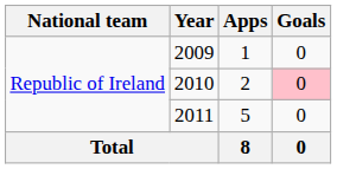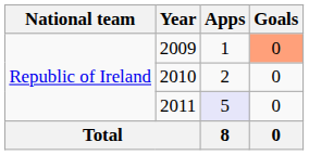 <table class=wikitable style="text-align: center;">
 <tr>
 <th>National team</th>
 <th>Year</th>
 <th>Apps</th>
 <th>Goals</th>
 </tr>
 <tr>
 <td rowspan=3><a href='#'>Republic of Ireland</a></td>
 <td>2009</td>
 <td>1</td>
-<td>0</td>
+<td style="background: lightsalmon;">0</td>
 </tr>
 <tr>
 <td>2010</td>
 <td>2</td>
-<td style="background: pink;">0</td>
+<td>0</td>
 </tr>
 <tr>
 <td>2011</td>
-<td>5</td>
+<td style="background: lavender;">5</td>
 <td>0</td>
 </tr>
 <tr>
 <th colspan=2>Total</th>
 <th>8</th>
 <th>0</th>
 </tr>
 </table>
